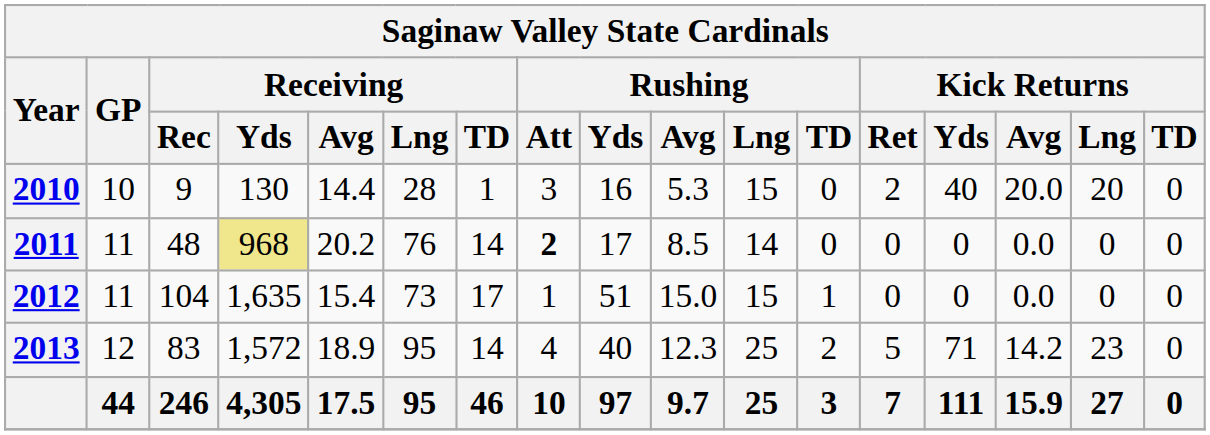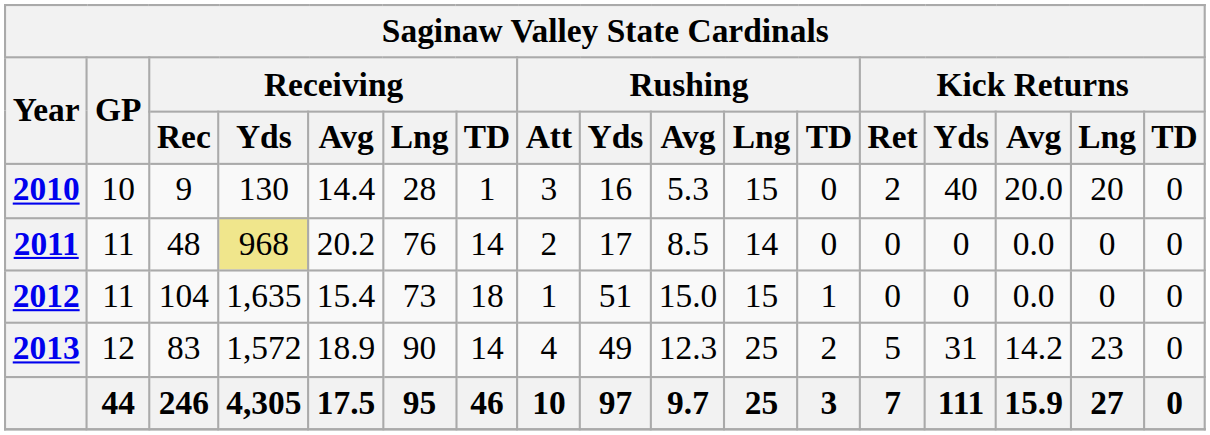 <table class="wikitable" style="text-align: center;">
 <tr>
 <th colspan="17"><strong>Saginaw Valley State Cardinals</strong></th>
 </tr>
 <tr>
 <th rowspan="2">Year</th>
 <th rowspan="2">GP</th>
 <th colspan="5">Receiving</th>
 <th colspan="5">Rushing</th>
 <th colspan="5">Kick Returns</th>
 </tr>
 <tr>
 <th>Rec</th>
 <th>Yds</th>
 <th>Avg</th>
 <th>Lng</th>
 <th>TD</th>
 <th>Att</th>
 <th>Yds</th>
 <th>Avg</th>
 <th>Lng</th>
 <th>TD</th>
 <th>Ret</th>
 <th>Yds</th>
 <th>Avg</th>
 <th>Lng</th>
 <th>TD</th>
 </tr>
 <tr>
 <th><a href='#'>2010</a></th>
 <td>10</td>
 <td>9</td>
 <td>130</td>
 <td>14.4</td>
 <td>28</td>
 <td>1</td>
 <td>3</td>
 <td>16</td>
 <td>5.3</td>
 <td>15</td>
 <td>0</td>
 <td>2</td>
 <td>40</td>
 <td>20.0</td>
 <td>20</td>
 <td>0</td>
 </tr>
 <tr>
 <th><a href='#'>2011</a></th>
 <td>11</td>
 <td>48</td>
 <td style="background: khaki;">968</td>
 <td>20.2</td>
 <td>76</td>
 <td>14</td>
-<td><strong>2</strong></td>
+<td>2</td>
 <td>17</td>
 <td>8.5</td>
 <td>14</td>
 <td>0</td>
 <td>0</td>
 <td>0</td>
 <td>0.0</td>
 <td>0</td>
 <td>0</td>
 </tr>
 <tr>
 <th><a href='#'>2012</a></th>
 <td>11</td>
 <td>104</td>
 <td>1,635</td>
 <td>15.4</td>
 <td>73</td>
-<td>17</td>
+<td>18</td>
 <td>1</td>
 <td>51</td>
 <td>15.0</td>
 <td>15</td>
 <td>1</td>
 <td>0</td>
 <td>0</td>
 <td>0.0</td>
 <td>0</td>
 <td>0</td>
 </tr>
 <tr>
 <th><a href='#'>2013</a></th>
 <td>12</td>
 <td>83</td>
 <td>1,572</td>
 <td>18.9</td>
-<td>95</td>
+<td>90</td>
 <td>14</td>
 <td>4</td>
-<td>40</td>
+<td>49</td>
 <td>12.3</td>
 <td>25</td>
 <td>2</td>
 <td>5</td>
-<td>71</td>
+<td>31</td>
 <td>14.2</td>
 <td>23</td>
 <td>0</td>
 </tr>
 <tr>
 <th> </th>
 <th>44</th>
 <th>246</th>
 <th>4,305</th>
 <th>17.5</th>
 <th>95</th>
 <th>46</th>
 <th>10</th>
 <th>97</th>
 <th>9.7</th>
 <th>25</th>
 <th>3</th>
 <th>7</th>
 <th>111</th>
 <th>15.9</th>
 <th>27</th>
 <th>0</th>
 </tr>
 <tr>
 </tr>
 </table>
